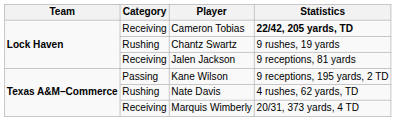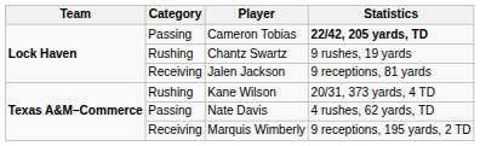 <table class="wikitable" style="float: right;">
 <tr>
 <th>Team</th>
 <th>Category</th>
 <th>Player</th>
 <th>Statistics</th>
 </tr>
 <tr>
 <td rowspan=3><strong>Lock Haven</strong></td>
-<td>Receiving</td>
+<td>Passing</td>
 <td>Cameron Tobias</td>
 <td><strong>22/42, 205 yards, TD</strong></td>
 </tr>
 <tr>
 <td>Rushing</td>
 <td>Chantz Swartz</td>
 <td>9 rushes, 19 yards</td>
 </tr>
 <tr>
 <td>Receiving</td>
 <td>Jalen Jackson</td>
 <td>9 receptions, 81 yards</td>
 </tr>
 <tr>
 <td rowspan=3><strong>Texas A&M–Commerce</strong></td>
-<td>Passing</td>
+<td>Rushing</td>
 <td>Kane Wilson</td>
-<td>9 receptions, 195 yards, 2 TD</td>
+<td>20/31, 373 yards, 4 TD</td>
 </tr>
 <tr>
-<td>Rushing</td>
+<td>Passing</td>
 <td>Nate Davis</td>
 <td>4 rushes, 62 yards, TD</td>
 </tr>
 <tr>
 <td>Receiving</td>
 <td>Marquis Wimberly</td>
-<td>20/31, 373 yards, 4 TD</td>
+<td>9 receptions, 195 yards, 2 TD</td>
 </tr>
 </table>
